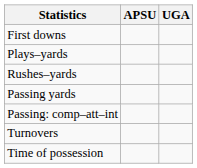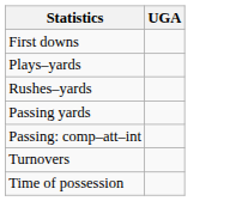 <table class="wikitable" style="float:left">
 <tr>
 <th>Statistics</th>
-<th>APSU</th>
 <th>UGA</th>
 </tr>
 <tr>
 <td>First downs</td>
 <td></td>
-<td></td>
 </tr>
 <tr>
 <td>Plays–yards</td>
-<td></td>
 <td></td>
 </tr>
 <tr>
 <td>Rushes–yards</td>
 <td></td>
-<td></td>
 </tr>
 <tr>
 <td>Passing yards</td>
-<td></td>
 <td></td>
 </tr>
 <tr>
 <td>Passing: comp–att–int</td>
 <td></td>
-<td></td>
 </tr>
 <tr>
 <td>Turnovers</td>
-<td></td>
 <td></td>
 </tr>
 <tr>
 <td>Time of possession</td>
 <td></td>
-<td></td>
 </tr>
 </table>
